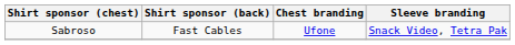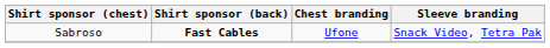 <table class="wikitable"  style="font-size:85%; text-align: center">
 <tr>
 <th>Shirt sponsor (chest)</th>
 <th>Shirt sponsor (back)</th>
 <th>Chest branding</th>
 <th>Sleeve branding</th>
 </tr>
 <tr>
 <td>Sabroso</td>
-<td>Fast Cables</td>
+<td><strong>Fast Cables</strong></td>
 <td><a href='#'>Ufone</a></td>
 <td><a href='#'>Snack Video</a>, <a href='#'>Tetra Pak</a></td>
 </tr>
 <tr>
 </tr>
 </table>
